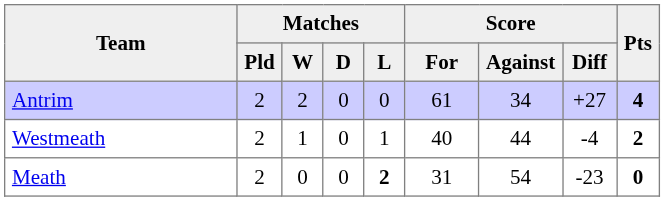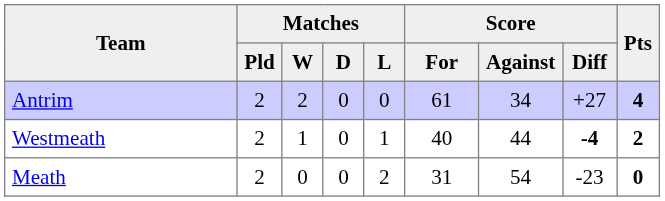 <table style=border-collapse:collapse border=1 cellspacing=0 cellpadding=5>
 <tr align=center bgcolor=#efefef>
 <th rowspan=2 width=165>Team</th>
 <th colspan=4>Matches</th>
 <th colspan=3>Score</th>
 <th rowspan=2width=20>Pts</th>
 </tr>
 <tr align=center bgcolor=#efefef>
 <th width=20>Pld</th>
 <th width=20>W</th>
 <th width=20>D</th>
 <th width=20>L</th>
 <th width=45>For</th>
 <th width=45>Against</th>
 <th width=30>Diff</th>
 </tr>
 <tr align=center style="background:#ccccff;">
 <td style="text-align:left;"> <a href='#'>Antrim</a></td>
 <td>2</td>
 <td>2</td>
 <td>0</td>
 <td>0</td>
 <td>61</td>
 <td>34</td>
 <td>+27</td>
 <td><strong>4</strong></td>
 </tr>
 <tr align=center>
 <td style="text-align:left;"> <a href='#'>Westmeath</a></td>
 <td>2</td>
 <td>1</td>
 <td>0</td>
 <td>1</td>
 <td>40</td>
 <td>44</td>
-<td>-4</td>
+<td><strong>-4</strong></td>
 <td><strong>2</strong></td>
 </tr>
 <tr align=center>
 <td style="text-align:left;"> <a href='#'>Meath</a></td>
 <td>2</td>
 <td>0</td>
 <td>0</td>
-<td><strong>2</strong></td>
+<td>2</td>
 <td>31</td>
 <td>54</td>
 <td>-23</td>
 <td><strong>0</strong></td>
 </tr>
 </table>
